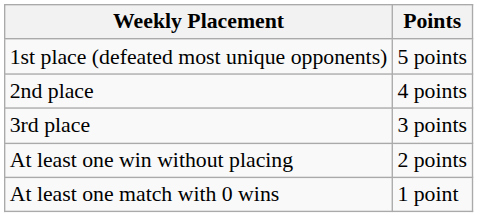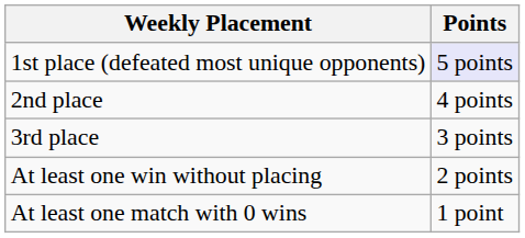 <table class="wikitable">
 <tr>
 <th>Weekly Placement</th>
 <th>Points</th>
 </tr>
 <tr>
 <td>1st place (defeated most unique opponents)</td>
-<td>5 points</td>
+<td style="background: lavender;">5 points</td>
 </tr>
 <tr>
 <td>2nd place</td>
 <td>4 points</td>
 </tr>
 <tr>
 <td>3rd place</td>
 <td>3 points</td>
 </tr>
 <tr>
 <td>At least one win without placing</td>
 <td>2 points</td>
 </tr>
 <tr>
 <td>At least one match with 0 wins</td>
 <td>1 point</td>
 </tr>
 </table>
